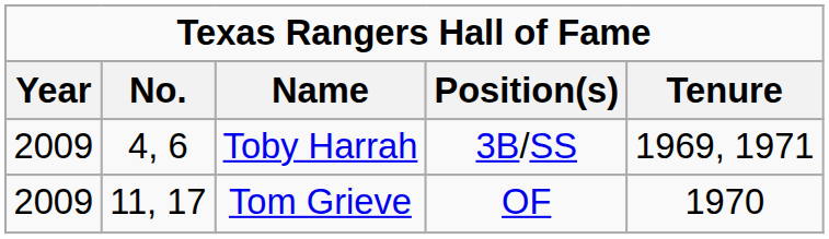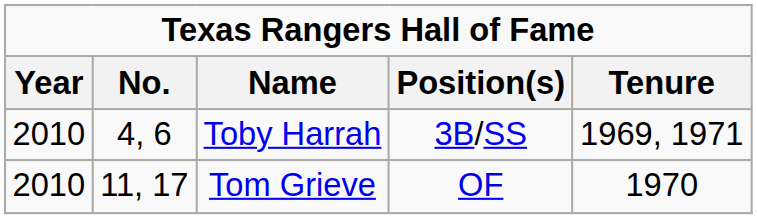 <table class="wikitable" style="text-align:center">
 <tr>
 <td colspan="5"><strong>Texas Rangers Hall of Fame</strong></td>
 </tr>
 <tr>
 <th scope="col">Year</th>
 <th scope="col">No.</th>
 <th scope="col">Name</th>
 <th scope="col">Position(s)</th>
 <th scope="col">Tenure</th>
 </tr>
 <tr>
-<td>2009</td>
+<td>2010</td>
 <td>4, 6</td>
 <td><a href='#'>Toby Harrah</a></td>
 <td><a href='#'>3B</a>/<a href='#'>SS</a></td>
 <td>1969, 1971</td>
 </tr>
 <tr>
-<td>2009</td>
+<td>2010</td>
 <td>11, 17</td>
 <td><a href='#'>Tom Grieve</a></td>
 <td><a href='#'>OF</a></td>
 <td>1970</td>
 </tr>
 </table>
